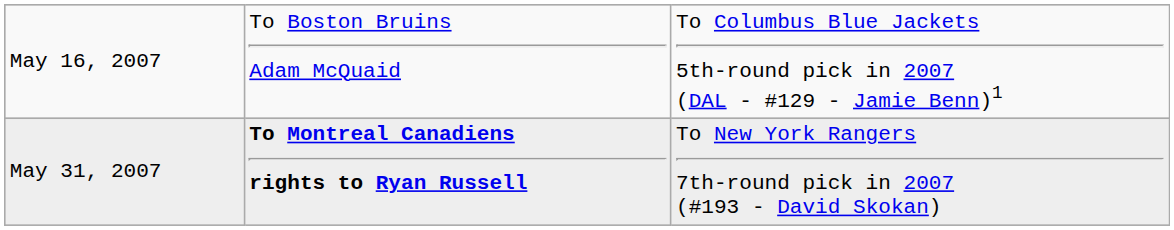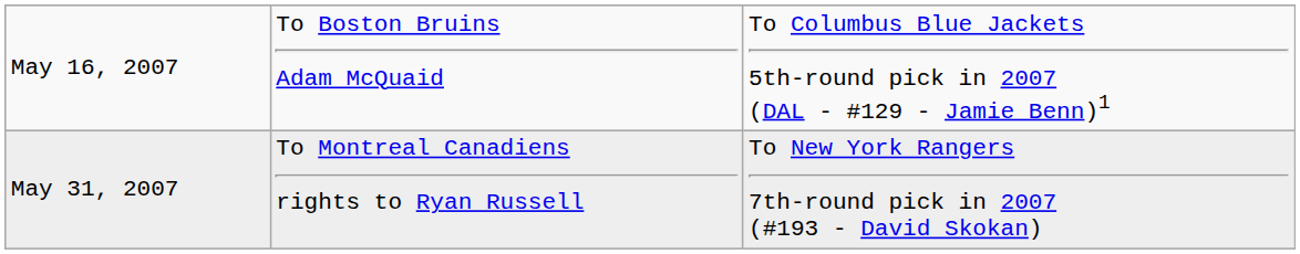 <table cellspacing=0 class="wikitable" style="border:1px solid #999999; width:720px;">
 <tr>
 <td>May 16, 2007</td>
 <td valign="top">To <a href='#'>Boston Bruins</a><hr><a href='#'>Adam McQuaid</a></td>
 <td valign="top">To <a href='#'>Columbus Blue Jackets</a><hr>5th-round pick in <a href='#'>2007</a><br>(<a href='#'>DAL</a> - #129 - <a href='#'>Jamie Benn</a>)<sup>1</sup></td>
 </tr>
 <tr bgcolor="#eeeeee">
 <td>May 31, 2007</td>
-<td valign="top"><strong>To <a href='#'>Montreal Canadiens</a><hr>rights to <a href='#'>Ryan Russell</a></strong></td>
+<td valign="top">To <a href='#'>Montreal Canadiens</a><hr>rights to <a href='#'>Ryan Russell</a></td>
 <td valign="top">To <a href='#'>New York Rangers</a><hr>7th-round pick in <a href='#'>2007</a><br>(#193 - <a href='#'>David Skokan</a>)</td>
 </tr>
 </table>
